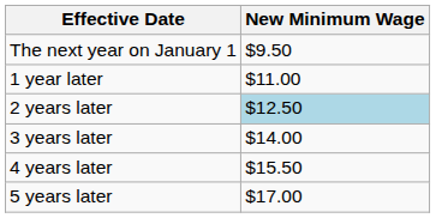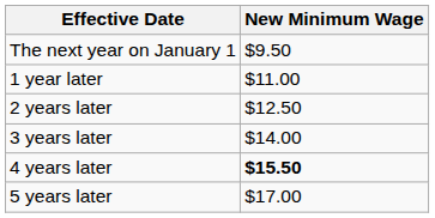 <table class="wikitable">
 <tr>
 <th>Effective Date</th>
 <th>New Minimum Wage</th>
 </tr>
 <tr>
 <td>The next year on January 1</td>
 <td>$9.50</td>
 </tr>
 <tr>
 <td>1 year later</td>
 <td>$11.00</td>
 </tr>
 <tr>
 <td>2 years later</td>
-<td style="background: lightblue;">$12.50</td>
+<td>$12.50</td>
 </tr>
 <tr>
 <td>3 years later</td>
 <td>$14.00</td>
 </tr>
 <tr>
 <td>4 years later</td>
-<td>$15.50</td>
+<td><strong>$15.50</strong></td>
 </tr>
 <tr>
 <td>5 years later</td>
 <td>$17.00</td>
 </tr>
 </table>
